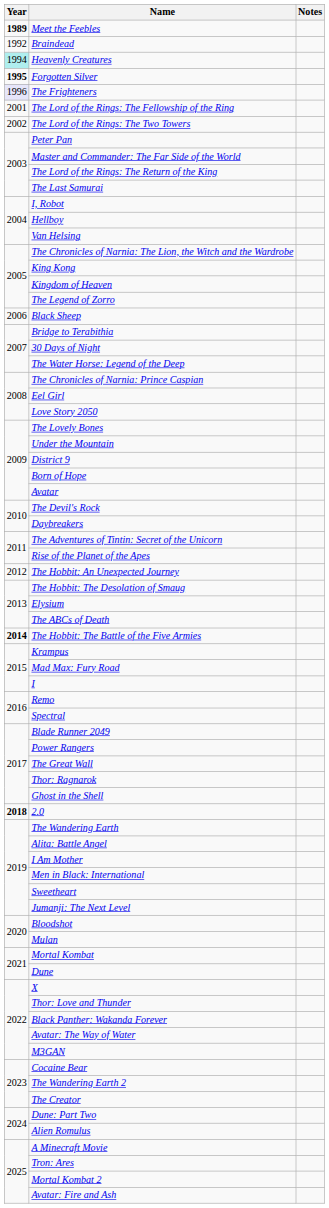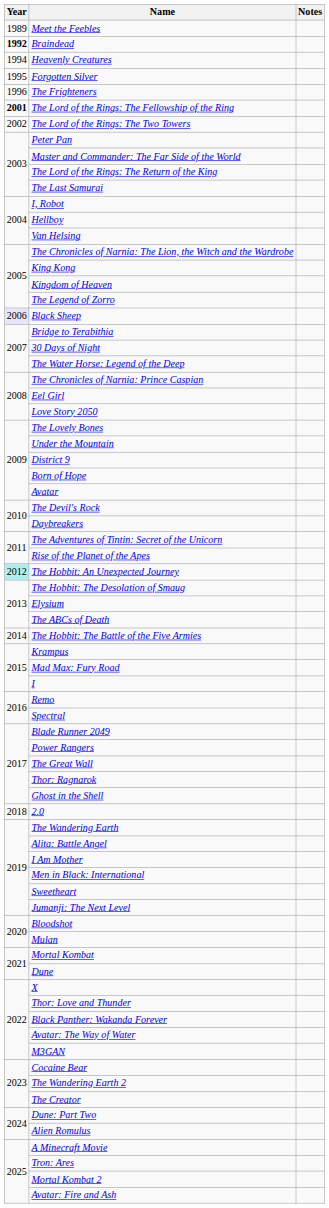 <table class="wikitable">
 <tr>
 <th>Year</th>
 <th>Name</th>
 <th>Notes</th>
 </tr>
 <tr>
-<td><strong>1989</strong></td>
+<td>1989</td>
 <td><em><a href='#'>Meet the Feebles</a></em></td>
 <td></td>
 </tr>
 <tr>
-<td>1992</td>
+<td><strong>1992</strong></td>
 <td><em><a href='#'>Braindead</a></em></td>
 <td></td>
 </tr>
 <tr>
-<td style="background: paleturquoise;">1994</td>
+<td>1994</td>
 <td><em><a href='#'>Heavenly Creatures</a></em></td>
 <td></td>
 </tr>
 <tr>
-<td><strong>1995</strong></td>
+<td>1995</td>
 <td><em><a href='#'>Forgotten Silver</a></em></td>
 <td></td>
 </tr>
 <tr>
-<td style="background: lavender;">1996</td>
+<td>1996</td>
 <td><em><a href='#'>The Frighteners</a></em></td>
 <td></td>
 </tr>
 <tr>
-<td>2001</td>
+<td><strong>2001</strong></td>
 <td><em><a href='#'>The Lord of the Rings: The Fellowship of the Ring</a></em></td>
 <td></td>
 </tr>
 <tr>
 <td>2002</td>
 <td><em><a href='#'>The Lord of the Rings: The Two Towers</a></em></td>
 <td></td>
 </tr>
 <tr>
 <td rowspan="4">2003</td>
 <td><em><a href='#'>Peter Pan</a></em></td>
 <td></td>
 </tr>
 <tr>
 <td><em><a href='#'>Master and Commander: The Far Side of the World</a></em></td>
 <td></td>
 </tr>
 <tr>
 <td><em><a href='#'>The Lord of the Rings: The Return of the King</a></em></td>
 <td></td>
 </tr>
 <tr>
 <td><em><a href='#'>The Last Samurai</a></em></td>
 <td></td>
 </tr>
 <tr>
 <td rowspan="3">2004</td>
 <td><em><a href='#'>I, Robot</a></em></td>
 <td></td>
 </tr>
 <tr>
 <td><em><a href='#'>Hellboy</a></em></td>
 <td></td>
 </tr>
 <tr>
 <td><em><a href='#'>Van Helsing</a></em></td>
 <td></td>
 </tr>
 <tr>
 <td rowspan="4">2005</td>
 <td><em><a href='#'>The Chronicles of Narnia: The Lion, the Witch and the Wardrobe</a></em></td>
 <td></td>
 </tr>
 <tr>
 <td><em><a href='#'>King Kong</a></em></td>
 <td></td>
 </tr>
 <tr>
 <td><em><a href='#'>Kingdom of Heaven</a></em></td>
 <td></td>
 </tr>
 <tr>
 <td><em><a href='#'>The Legend of Zorro</a></em></td>
 <td></td>
 </tr>
 <tr>
-<td>2006</td>
+<td style="background: lavender;">2006</td>
 <td><em><a href='#'>Black Sheep</a></em></td>
 <td></td>
 </tr>
 <tr>
 <td rowspan="3">2007</td>
 <td><em><a href='#'>Bridge to Terabithia</a></em></td>
 <td></td>
 </tr>
 <tr>
 <td><em><a href='#'>30 Days of Night</a></em></td>
 <td></td>
 </tr>
 <tr>
 <td><em><a href='#'>The Water Horse: Legend of the Deep</a></em></td>
 <td></td>
 </tr>
 <tr>
 <td rowspan="3">2008</td>
 <td><em><a href='#'>The Chronicles of Narnia: Prince Caspian</a></em></td>
 <td></td>
 </tr>
 <tr>
 <td><em><a href='#'>Eel Girl</a></em></td>
 <td></td>
 </tr>
 <tr>
 <td><em><a href='#'>Love Story 2050</a></em></td>
 <td></td>
 </tr>
 <tr>
 <td rowspan="5">2009</td>
 <td><em><a href='#'>The Lovely Bones</a></em></td>
 <td></td>
 </tr>
 <tr>
 <td><em><a href='#'>Under the Mountain</a></em></td>
 <td></td>
 </tr>
 <tr>
 <td><em><a href='#'>District 9</a></em></td>
 <td></td>
 </tr>
 <tr>
 <td><em><a href='#'>Born of Hope</a></em> </td>
 <td></td>
 </tr>
 <tr>
 <td><em><a href='#'>Avatar</a></em> </td>
 <td></td>
 </tr>
 <tr>
 <td rowspan="2">2010</td>
 <td><em><a href='#'>The Devil's Rock</a></em></td>
 <td></td>
 </tr>
 <tr>
 <td><em><a href='#'>Daybreakers</a></em></td>
 <td></td>
 </tr>
 <tr>
 <td rowspan="2">2011</td>
 <td><em><a href='#'>The Adventures of Tintin: Secret of the Unicorn</a></em></td>
 <td></td>
 </tr>
 <tr>
 <td><em><a href='#'>Rise of the Planet of the Apes</a></em></td>
 <td></td>
 </tr>
 <tr>
-<td>2012</td>
+<td style="background: paleturquoise;">2012</td>
 <td><em><a href='#'>The Hobbit: An Unexpected Journey</a></em></td>
 <td></td>
 </tr>
 <tr>
 <td rowspan="3">2013</td>
 <td><em><a href='#'>The Hobbit: The Desolation of Smaug</a></em></td>
 <td></td>
 </tr>
 <tr>
 <td><em><a href='#'>Elysium</a></em> </td>
 <td></td>
 </tr>
 <tr>
 <td><em><a href='#'>The ABCs of Death</a></em></td>
 <td></td>
 </tr>
 <tr>
-<td><strong>2014</strong></td>
+<td>2014</td>
 <td><em><a href='#'>The Hobbit: The Battle of the Five Armies</a></em></td>
 <td></td>
 </tr>
 <tr>
 <td rowspan="3">2015</td>
 <td><em><a href='#'>Krampus</a></em></td>
 <td></td>
 </tr>
 <tr>
 <td><em><a href='#'>Mad Max: Fury Road</a></em></td>
 <td></td>
 </tr>
 <tr>
 <td><em><a href='#'>I</a></em></td>
 <td></td>
 </tr>
 <tr>
 <td rowspan="2">2016</td>
 <td><em><a href='#'>Remo</a></em></td>
 <td></td>
 </tr>
 <tr>
 <td><em><a href='#'>Spectral</a></em></td>
 <td></td>
 </tr>
 <tr>
 <td rowspan="5">2017</td>
 <td><em><a href='#'>Blade Runner 2049</a></em></td>
 <td></td>
 </tr>
 <tr>
 <td><em><a href='#'>Power Rangers</a></em></td>
 <td></td>
 </tr>
 <tr>
 <td><em><a href='#'>The Great Wall</a></em></td>
 <td></td>
 </tr>
 <tr>
 <td><em><a href='#'>Thor: Ragnarok</a></em></td>
 <td></td>
 </tr>
 <tr>
 <td><em><a href='#'>Ghost in the Shell</a></em></td>
 <td></td>
 </tr>
 <tr>
-<td><strong>2018</strong></td>
+<td>2018</td>
 <td><em><a href='#'>2.0</a></em></td>
 <td></td>
 </tr>
 <tr>
 <td rowspan="6">2019</td>
 <td><em><a href='#'>The Wandering Earth</a></em> </td>
 <td></td>
 </tr>
 <tr>
 <td><em><a href='#'>Alita: Battle Angel</a></em> </td>
 <td></td>
 </tr>
 <tr>
 <td><em><a href='#'>I Am Mother</a></em></td>
 <td></td>
 </tr>
 <tr>
 <td><em><a href='#'>Men in Black: International</a></em></td>
 <td></td>
 </tr>
 <tr>
 <td><em><a href='#'>Sweetheart</a></em></td>
 <td></td>
 </tr>
 <tr>
 <td><em><a href='#'>Jumanji: The Next Level</a></em></td>
 <td></td>
 </tr>
 <tr>
 <td rowspan="2">2020</td>
 <td><em><a href='#'>Bloodshot</a></em></td>
 <td></td>
 </tr>
 <tr>
 <td><em><a href='#'>Mulan</a></em></td>
 <td></td>
 </tr>
 <tr>
 <td rowspan="2">2021</td>
 <td><em><a href='#'>Mortal Kombat</a></em></td>
 <td></td>
 </tr>
 <tr>
 <td><em><a href='#'>Dune</a></em></td>
 <td></td>
 </tr>
 <tr>
 <td rowspan="5">2022</td>
 <td><em><a href='#'>X</a></em></td>
 <td></td>
 </tr>
 <tr>
 <td><em><a href='#'>Thor: Love and Thunder</a></em></td>
 <td></td>
 </tr>
 <tr>
 <td><em><a href='#'>Black Panther: Wakanda Forever</a></em></td>
 <td></td>
 </tr>
 <tr>
 <td><em><a href='#'>Avatar: The Way of Water</a></em></td>
 <td></td>
 </tr>
 <tr>
 <td><em><a href='#'>M3GAN</a></em></td>
 <td></td>
 </tr>
 <tr>
 <td rowspan="3">2023</td>
 <td><em><a href='#'>Cocaine Bear</a></em></td>
 <td></td>
 </tr>
 <tr>
 <td><em><a href='#'>The Wandering Earth 2</a></em></td>
 <td></td>
 </tr>
 <tr>
 <td><em><a href='#'>The Creator</a></em></td>
 <td></td>
 </tr>
 <tr>
 <td rowspan="2">2024</td>
 <td><em><a href='#'>Dune: Part Two</a></em></td>
 <td></td>
 </tr>
 <tr>
 <td><em><a href='#'>Alien Romulus</a></em></td>
 <td></td>
 </tr>
 <tr>
 <td rowspan="4">2025</td>
 <td><em><a href='#'>A Minecraft Movie</a></em></td>
 <td></td>
 </tr>
 <tr>
 <td><em><a href='#'>Tron: Ares</a></em></td>
 <td></td>
 </tr>
 <tr>
 <td><em><a href='#'>Mortal Kombat 2</a></em></td>
 <td></td>
 </tr>
 <tr>
 <td><em><a href='#'>Avatar: Fire and Ash</a></em></td>
 <td></td>
 </tr>
 </table>
